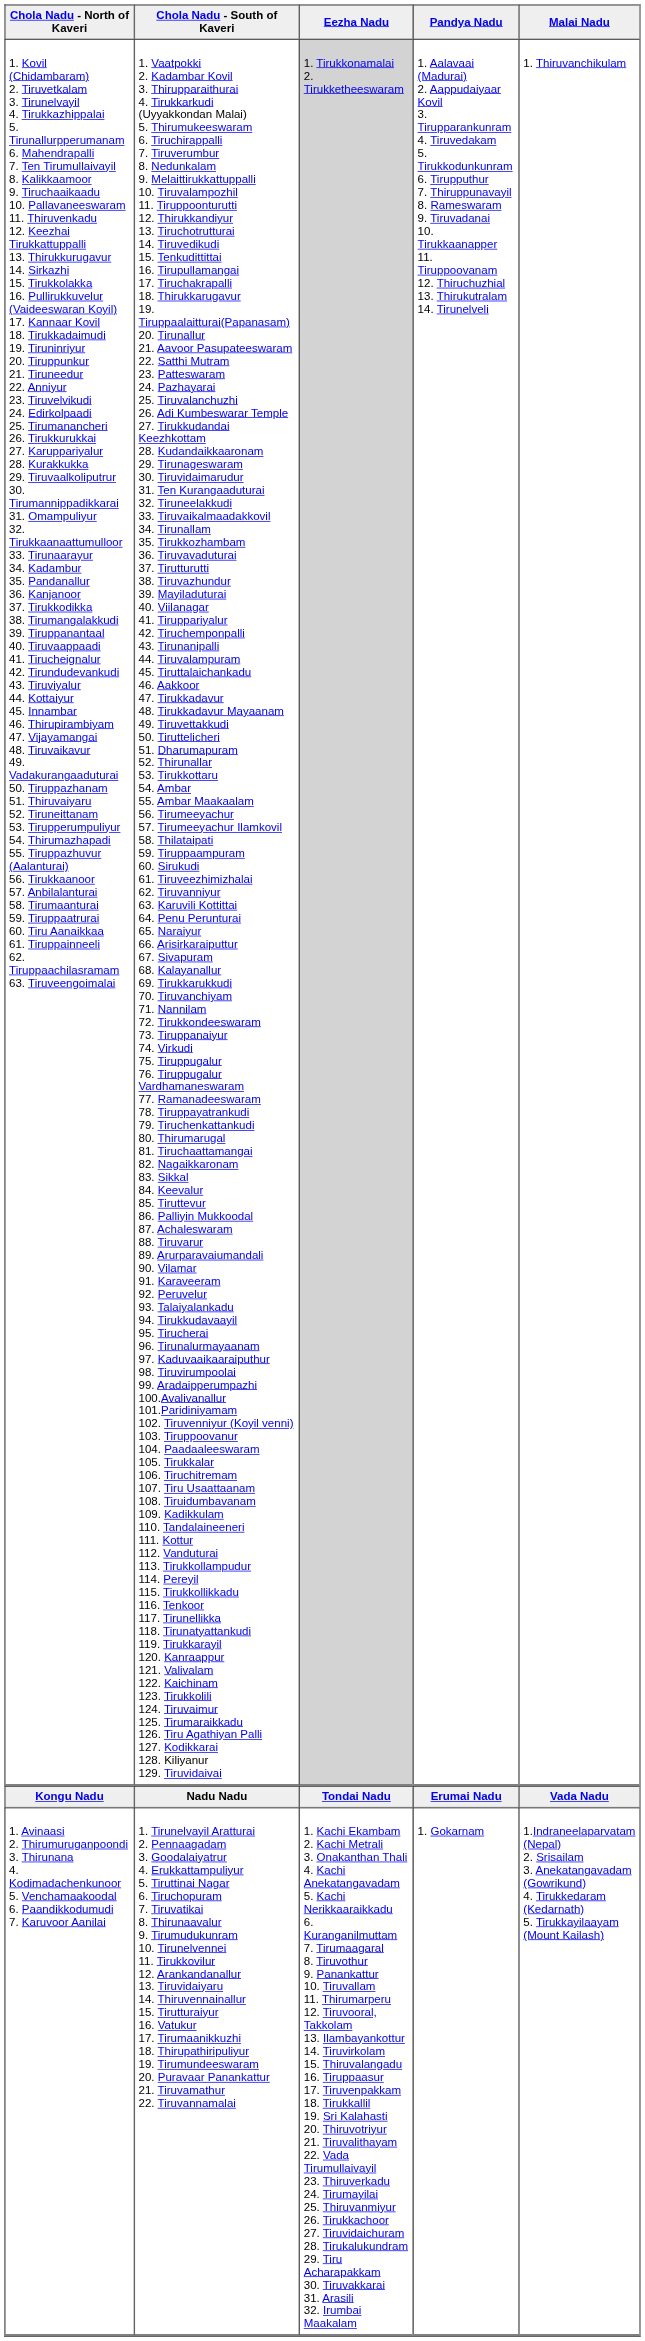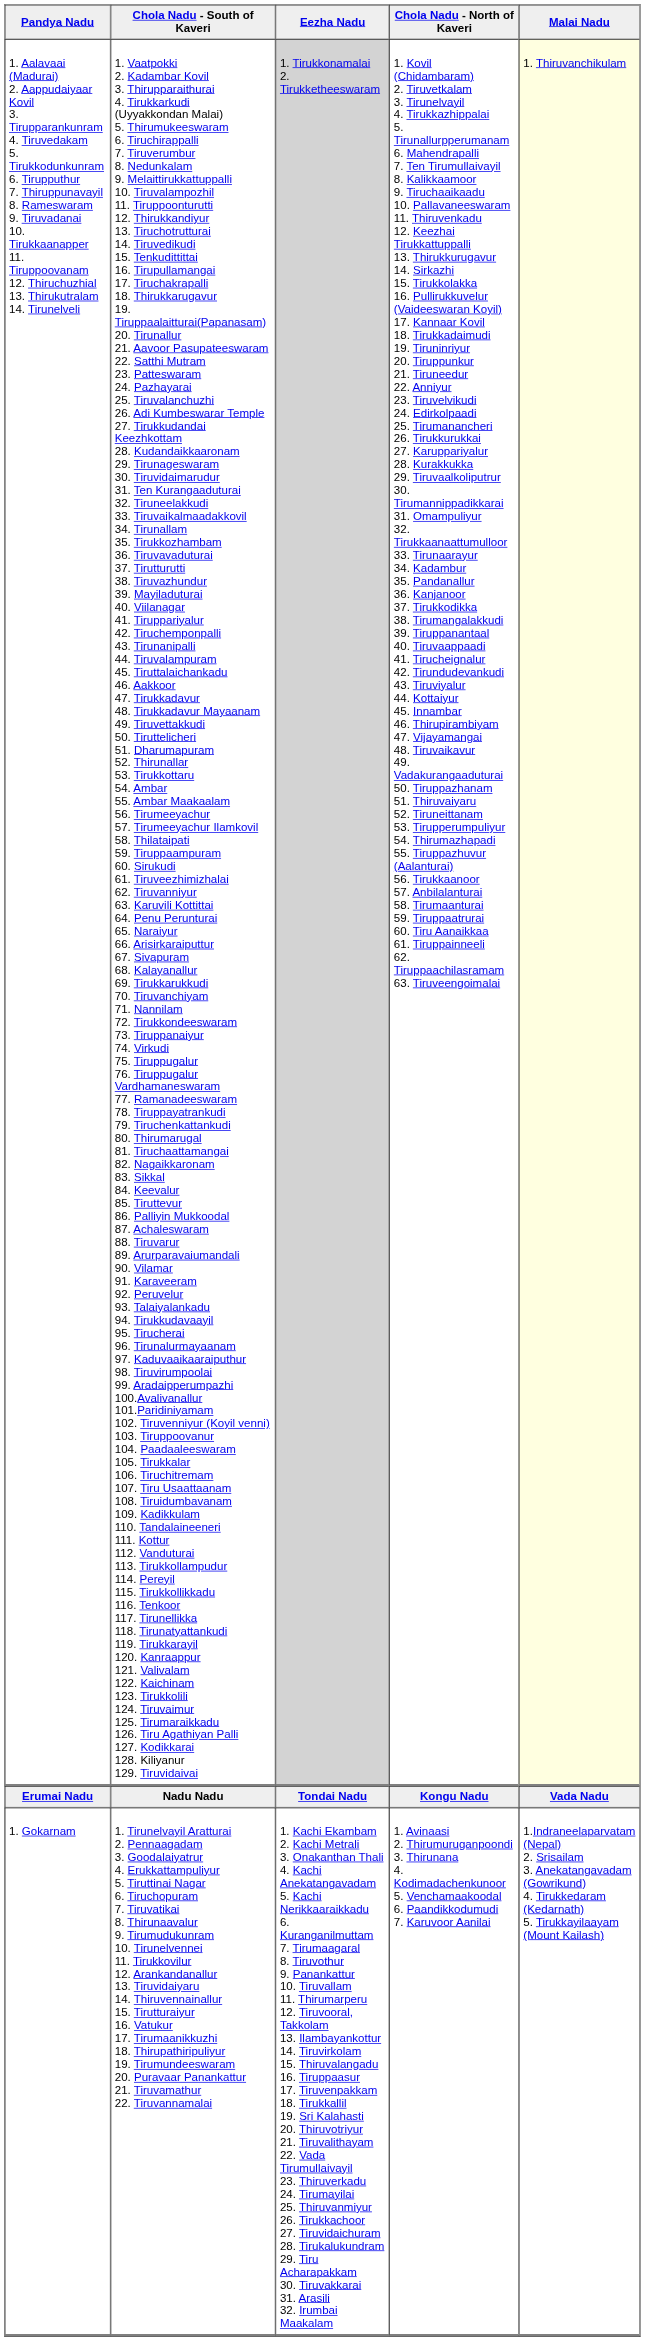 <table border="1" cellpadding="5" cellspacing="0" align="center">
 <tr>
-<th style="background:#efefef;"><a href='#'>Chola Nadu</a> - North of Kaveri</th>
+<th style="background:#efefef;"><a href='#'>Pandya Nadu</a></th>
 <th style="background:#efefef;"><a href='#'>Chola Nadu</a> - South of Kaveri</th>
 <th style="background:#efefef;"><a href='#'>Eezha Nadu</a></th>
-<th style="background:#efefef;"><a href='#'>Pandya Nadu</a></th>
+<th style="background:#efefef;"><a href='#'>Chola Nadu</a> - North of Kaveri</th>
 <th style="background:#efefef;"><a href='#'>Malai Nadu</a></th>
 </tr>
 <tr>
-<td style="border-bottom:3px solid grey;" valign="top"><br>1. <a href='#'>Kovil (Chidambaram)</a><br> 2. <a href='#'>Tiruvetkalam</a><br> 3. <a href='#'>Tirunelvayil</a><br> 4. <a href='#'>Tirukkazhippalai</a><br> 5. <a href='#'>Tirunallurpperumanam</a><br> 6. <a href='#'>Mahendrapalli</a><br> 7. <a href='#'>Ten Tirumullaivayil</a><br> 8. <a href='#'>Kalikkaamoor</a><br> 9. <a href='#'>Tiruchaaikaadu</a><br> 10. <a href='#'>Pallavaneeswaram</a><br> 11. <a href='#'>Thiruvenkadu</a><br> 12. <a href='#'>Keezhai Tirukkattuppalli</a><br> 13. <a href='#'>Thirukkurugavur</a><br> 14. <a href='#'>Sirkazhi</a><br> 15. <a href='#'>Tirukkolakka</a><br> 16. <a href='#'>Pullirukkuvelur<br>(Vaideeswaran Koyil)</a><br> 17. <a href='#'>Kannaar Kovil</a><br> 18. <a href='#'>Tirukkadaimudi</a><br> 19. <a href='#'>Tiruninriyur</a><br> 20. <a href='#'>Tiruppunkur</a><br> 21. <a href='#'>Tiruneedur</a><br> 22. <a href='#'>Anniyur</a><br> 23. <a href='#'>Tiruvelvikudi</a><br> 24. <a href='#'>Edirkolpaadi</a><br> 25. <a href='#'>Tirumanancheri</a><br> 26. <a href='#'>Tirukkurukkai</a><br> 27. <a href='#'>Karuppariyalur</a><br> 28. <a href='#'>Kurakkukka</a> <br> 29. <a href='#'>Tiruvaalkoliputrur</a><br> 30. <a href='#'>Tirumannippadikkarai</a><br> 31. <a href='#'>Omampuliyur</a><br> 32. <a href='#'>Tirukkaanaattumulloor</a><br> 33. <a href='#'>Tirunaarayur</a><br> 34. <a href='#'>Kadambur</a><br> 35. <a href='#'>Pandanallur</a><br> 36. <a href='#'>Kanjanoor</a><br> 37. <a href='#'>Tirukkodikka</a><br> 38. <a href='#'>Tirumangalakkudi</a><br> 39. <a href='#'>Tiruppanantaal</a><br> 40. <a href='#'>Tiruvaappaadi</a><br> 41. <a href='#'>Tirucheignalur</a><br> 42. <a href='#'>Tirundudevankudi</a><br> 43. <a href='#'>Tiruviyalur</a><br> 44. <a href='#'>Kottaiyur</a><br> 45. <a href='#'>Innambar</a><br> 46. <a href='#'>Thirupirambiyam</a><br> 47. <a href='#'>Vijayamangai</a><br> 48. <a href='#'>Tiruvaikavur</a><br> 49. <a href='#'>Vadakurangaaduturai</a><br> 50. <a href='#'>Tiruppazhanam</a><br> 51. <a href='#'>Thiruvaiyaru</a><br> 52. <a href='#'>Tiruneittanam</a><br> 53. <a href='#'>Tirupperumpuliyur</a><br> 54. <a href='#'>Thirumazhapadi</a><br> 55. <a href='#'>Tiruppazhuvur (Aalanturai)</a><br> 56. <a href='#'>Tirukkaanoor</a><br> 57. <a href='#'>Anbilalanturai</a><br> 58. <a href='#'>Tirumaanturai</a><br> 59. <a href='#'>Tiruppaatrurai</a><br> 60. <a href='#'>Tiru Aanaikkaa</a><br> 61. <a href='#'>Tiruppainneeli</a><br> 62. <a href='#'>Tiruppaachilasramam</a><br> 63. <a href='#'>Tiruveengoimalai</a></td>
+<td style="border-bottom:3px solid grey;" valign="top"><br>1. <a href='#'>Aalavaai (Madurai)</a><br> 2. <a href='#'>Aappudaiyaar Kovil</a><br> 3. <a href='#'>Tirupparankunram</a><br> 4. <a href='#'>Tiruvedakam</a><br> 5. <a href='#'>Tirukkodunkunram</a><br> 6. <a href='#'>Tirupputhur</a><br> 7. <a href='#'>Thiruppunavayil</a><br> 8. <a href='#'>Rameswaram</a><br> 9. <a href='#'>Tiruvadanai</a><br> 10. <a href='#'>Tirukkaanapper</a><br> 11. <a href='#'>Tiruppoovanam</a><br> 12. <a href='#'>Thiruchuzhial</a><br> 13. <a href='#'>Thirukutralam</a><br> 14. <a href='#'>Tirunelveli</a></td>
 <td style="border-bottom:3px solid grey;" valign="top"><br>1. <a href='#'>Vaatpokki</a><br> 2. <a href='#'>Kadambar Kovil</a><br> 3. <a href='#'>Thirupparaithurai</a><br> 4. <a href='#'>Tirukkarkudi</a><br>(Uyyakkondan Malai)<br> 5. <a href='#'>Thirumukeeswaram</a><br> 6. <a href='#'>Tiruchirappalli</a><br> 7. <a href='#'>Tiruverumbur</a><br> 8. <a href='#'>Nedunkalam</a><br> 9. <a href='#'>Melaittirukkattuppalli</a><br> 10. <a href='#'>Tiruvalampozhil</a><br> 11. <a href='#'>Tiruppoonturutti</a><br> 12. <a href='#'>Thirukkandiyur</a><br> 13. <a href='#'>Tiruchotrutturai</a><br> 14. <a href='#'>Tiruvedikudi</a><br> 15. <a href='#'>Tenkudittittai</a><br> 16. <a href='#'>Tirupullamangai</a><br> 17. <a href='#'>Tiruchakrapalli</a><br> 18. <a href='#'>Thirukkarugavur</a><br> 19. <a href='#'>Tiruppaalaitturai(Papanasam)</a><br> 20. <a href='#'>Tirunallur</a><br> 21. <a href='#'>Aavoor Pasupateeswaram</a><br> 22. <a href='#'>Satthi Mutram</a><br> 23. <a href='#'>Patteswaram</a><br> 24. <a href='#'>Pazhayarai</a><br> 25. <a href='#'>Tiruvalanchuzhi</a><br> 26. <a href='#'>Adi Kumbeswarar Temple</a><br> 27. <a href='#'>Tirukkudandai Keezhkottam</a><br> 28. <a href='#'>Kudandaikkaaronam</a><br> 29. <a href='#'>Tirunageswaram</a><br> 30. <a href='#'>Tiruvidaimarudur</a><br> 31. <a href='#'>Ten Kurangaaduturai</a><br> 32. <a href='#'>Tiruneelakkudi</a> <br> 33. <a href='#'>Tiruvaikalmaadakkovil</a><br> 34. <a href='#'>Tirunallam</a><br> 35. <a href='#'>Tirukkozhambam</a><br> 36. <a href='#'>Tiruvavaduturai</a><br> 37. <a href='#'>Tirutturutti</a><br> 38. <a href='#'>Tiruvazhundur</a><br> 39. <a href='#'>Mayiladuturai</a><br> 40. <a href='#'>Viilanagar</a><br> 41. <a href='#'>Tiruppariyalur</a><br> 42. <a href='#'>Tiruchemponpalli</a><br> 43. <a href='#'>Tirunanipalli</a><br> 44. <a href='#'>Tiruvalampuram</a><br> 45. <a href='#'>Tiruttalaichankadu</a><br> 46. <a href='#'>Aakkoor</a><br> 47. <a href='#'>Tirukkadavur</a><br> 48. <a href='#'>Tirukkadavur Mayaanam</a><br> 49. <a href='#'>Tiruvettakkudi</a><br> 50. <a href='#'>Tiruttelicheri</a><br> 51. <a href='#'>Dharumapuram</a><br> 52. <a href='#'>Thirunallar</a><br> 53. <a href='#'>Tirukkottaru</a><br> 54. <a href='#'>Ambar</a><br> 55. <a href='#'>Ambar Maakaalam</a><br> 56. <a href='#'>Tirumeeyachur</a><br> 57. <a href='#'>Tirumeeyachur Ilamkovil</a><br> 58. <a href='#'>Thilataipati</a><br> 59. <a href='#'>Tiruppaampuram</a><br> 60. <a href='#'>Sirukudi</a><br> 61. <a href='#'>Tiruveezhimizhalai</a><br> 62. <a href='#'>Tiruvanniyur</a><br> 63. <a href='#'>Karuvili Kottittai</a><br> 64. <a href='#'>Penu Perunturai</a><br> 65. <a href='#'>Naraiyur</a><br> 66. <a href='#'>Arisirkaraiputtur</a><br> 67. <a href='#'>Sivapuram</a><br> 68. <a href='#'>Kalayanallur</a><br> 69. <a href='#'>Tirukkarukkudi</a><br> 70. <a href='#'>Tiruvanchiyam</a><br> 71. <a href='#'>Nannilam</a><br> 72. <a href='#'>Tirukkondeeswaram</a><br> 73. <a href='#'>Tiruppanaiyur</a><br> 74. <a href='#'>Virkudi</a><br> 75. <a href='#'>Tiruppugalur</a><br> 76. <a href='#'>Tiruppugalur Vardhamaneswaram</a><br> 77. <a href='#'>Ramanadeeswaram</a><br> 78. <a href='#'>Tiruppayatrankudi</a><br> 79. <a href='#'>Tiruchenkattankudi</a><br> 80. <a href='#'>Thirumarugal</a><br> 81. <a href='#'>Tiruchaattamangai</a><br> 82. <a href='#'>Nagaikkaronam</a><br> 83. <a href='#'>Sikkal</a><br> 84. <a href='#'>Keevalur</a><br> 85. <a href='#'>Tiruttevur</a><br> 86. <a href='#'>Palliyin Mukkoodal</a><br> 87. <a href='#'>Achaleswaram</a><br> 88. <a href='#'>Tiruvarur</a><br> 89. <a href='#'>Arurparavaiumandali</a><br> 90. <a href='#'>Vilamar</a><br> 91. <a href='#'>Karaveeram</a><br> 92. <a href='#'>Peruvelur</a><br> 93. <a href='#'>Talaiyalankadu</a><br> 94. <a href='#'>Tirukkudavaayil</a><br> 95. <a href='#'>Tirucherai</a><br> 96. <a href='#'>Tirunalurmayaanam</a><br> 97. <a href='#'>Kaduvaaikaaraiputhur</a><br> 98. <a href='#'>Tiruvirumpoolai</a><br> 99. <a href='#'>Aradaipperumpazhi</a><br> 100.<a href='#'>Avalivanallur</a><br> 101.<a href='#'>Paridiniyamam</a><br> 102. <a href='#'>Tiruvenniyur (Koyil venni)</a><br> 103. <a href='#'>Tiruppoovanur</a><br> 104. <a href='#'>Paadaaleeswaram</a><br> 105. <a href='#'>Tirukkalar</a><br> 106. <a href='#'>Tiruchitremam</a><br> 107. <a href='#'>Tiru Usaattaanam</a><br> 108. <a href='#'>Tiruidumbavanam</a><br> 109. <a href='#'>Kadikkulam</a><br> 110. <a href='#'>Tandalaineeneri</a><br> 111. <a href='#'>Kottur</a><br> 112. <a href='#'>Vanduturai</a><br> 113. <a href='#'>Tirukkollampudur</a><br> 114. <a href='#'>Pereyil</a><br> 115. <a href='#'>Tirukkollikkadu</a><br> 116. <a href='#'>Tenkoor</a><br> 117. <a href='#'>Tirunellikka</a><br> 118. <a href='#'>Tirunatyattankudi</a><br> 119. <a href='#'>Tirukkarayil</a><br> 120. <a href='#'>Kanraappur</a><br> 121. <a href='#'>Valivalam</a><br> 122. <a href='#'>Kaichinam</a><br> 123. <a href='#'>Tirukkolili</a><br> 124. <a href='#'>Tiruvaimur</a><br> 125. <a href='#'>Tirumaraikkadu</a><br> 126. <a href='#'>Tiru Agathiyan Palli</a><br> 127. <a href='#'>Kodikkarai</a><br> 128. Kiliyanur<br> 129. <a href='#'>Tiruvidaivai</a></td>
 <td style="background: lightgrey; border-bottom:3px solid grey;" valign="top"><br>1. <a href='#'>Tirukkonamalai</a><br> 2. <a href='#'>Tirukketheeswaram</a><br></td>
-<td style="border-bottom:3px solid grey;" valign="top"><br>1. <a href='#'>Aalavaai (Madurai)</a><br> 2. <a href='#'>Aappudaiyaar Kovil</a><br> 3. <a href='#'>Tirupparankunram</a><br> 4. <a href='#'>Tiruvedakam</a><br> 5. <a href='#'>Tirukkodunkunram</a><br> 6. <a href='#'>Tirupputhur</a><br> 7. <a href='#'>Thiruppunavayil</a><br> 8. <a href='#'>Rameswaram</a><br> 9. <a href='#'>Tiruvadanai</a><br> 10. <a href='#'>Tirukkaanapper</a><br> 11. <a href='#'>Tiruppoovanam</a><br> 12. <a href='#'>Thiruchuzhial</a><br> 13. <a href='#'>Thirukutralam</a><br> 14. <a href='#'>Tirunelveli</a></td>
-<td style="border-bottom:3px solid grey;" valign="top"><br>1. <a href='#'>Thiruvanchikulam</a></td>
+<td style="border-bottom:3px solid grey;" valign="top"><br>1. <a href='#'>Kovil (Chidambaram)</a><br> 2. <a href='#'>Tiruvetkalam</a><br> 3. <a href='#'>Tirunelvayil</a><br> 4. <a href='#'>Tirukkazhippalai</a><br> 5. <a href='#'>Tirunallurpperumanam</a><br> 6. <a href='#'>Mahendrapalli</a><br> 7. <a href='#'>Ten Tirumullaivayil</a><br> 8. <a href='#'>Kalikkaamoor</a><br> 9. <a href='#'>Tiruchaaikaadu</a><br> 10. <a href='#'>Pallavaneeswaram</a><br> 11. <a href='#'>Thiruvenkadu</a><br> 12. <a href='#'>Keezhai Tirukkattuppalli</a><br> 13. <a href='#'>Thirukkurugavur</a><br> 14. <a href='#'>Sirkazhi</a><br> 15. <a href='#'>Tirukkolakka</a><br> 16. <a href='#'>Pullirukkuvelur<br>(Vaideeswaran Koyil)</a><br> 17. <a href='#'>Kannaar Kovil</a><br> 18. <a href='#'>Tirukkadaimudi</a><br> 19. <a href='#'>Tiruninriyur</a><br> 20. <a href='#'>Tiruppunkur</a><br> 21. <a href='#'>Tiruneedur</a><br> 22. <a href='#'>Anniyur</a><br> 23. <a href='#'>Tiruvelvikudi</a><br> 24. <a href='#'>Edirkolpaadi</a><br> 25. <a href='#'>Tirumanancheri</a><br> 26. <a href='#'>Tirukkurukkai</a><br> 27. <a href='#'>Karuppariyalur</a><br> 28. <a href='#'>Kurakkukka</a> <br> 29. <a href='#'>Tiruvaalkoliputrur</a><br> 30. <a href='#'>Tirumannippadikkarai</a><br> 31. <a href='#'>Omampuliyur</a><br> 32. <a href='#'>Tirukkaanaattumulloor</a><br> 33. <a href='#'>Tirunaarayur</a><br> 34. <a href='#'>Kadambur</a><br> 35. <a href='#'>Pandanallur</a><br> 36. <a href='#'>Kanjanoor</a><br> 37. <a href='#'>Tirukkodikka</a><br> 38. <a href='#'>Tirumangalakkudi</a><br> 39. <a href='#'>Tiruppanantaal</a><br> 40. <a href='#'>Tiruvaappaadi</a><br> 41. <a href='#'>Tirucheignalur</a><br> 42. <a href='#'>Tirundudevankudi</a><br> 43. <a href='#'>Tiruviyalur</a><br> 44. <a href='#'>Kottaiyur</a><br> 45. <a href='#'>Innambar</a><br> 46. <a href='#'>Thirupirambiyam</a><br> 47. <a href='#'>Vijayamangai</a><br> 48. <a href='#'>Tiruvaikavur</a><br> 49. <a href='#'>Vadakurangaaduturai</a><br> 50. <a href='#'>Tiruppazhanam</a><br> 51. <a href='#'>Thiruvaiyaru</a><br> 52. <a href='#'>Tiruneittanam</a><br> 53. <a href='#'>Tirupperumpuliyur</a><br> 54. <a href='#'>Thirumazhapadi</a><br> 55. <a href='#'>Tiruppazhuvur (Aalanturai)</a><br> 56. <a href='#'>Tirukkaanoor</a><br> 57. <a href='#'>Anbilalanturai</a><br> 58. <a href='#'>Tirumaanturai</a><br> 59. <a href='#'>Tiruppaatrurai</a><br> 60. <a href='#'>Tiru Aanaikkaa</a><br> 61. <a href='#'>Tiruppainneeli</a><br> 62. <a href='#'>Tiruppaachilasramam</a><br> 63. <a href='#'>Tiruveengoimalai</a></td>
+<td style="background: lightyellow; border-bottom:3px solid grey;" valign="top"><br>1. <a href='#'>Thiruvanchikulam</a></td>
 </tr>
 <tr>
-<th style="background:#efefef;"><a href='#'>Kongu Nadu</a></th>
+<th style="background:#efefef;"><a href='#'>Erumai Nadu</a></th>
 <th style="background:#efefef;">Nadu Nadu</th>
 <th style="background:#efefef;"><a href='#'>Tondai Nadu</a></th>
-<th style="background:#efefef;"><a href='#'>Erumai Nadu</a></th>
+<th style="background:#efefef;"><a href='#'>Kongu Nadu</a></th>
 <th style="background:#efefef;"><a href='#'>Vada Nadu</a></th>
 </tr>
 <tr>
-<td style="border-bottom:3px solid grey;" valign="top"><br>1. <a href='#'>Avinaasi</a><br> 2. <a href='#'>Thirumuruganpoondi</a><br> 3. <a href='#'>Thirunana</a><br> 4. <a href='#'>Kodimadachenkunoor</a> <br> 5. <a href='#'>Venchamaakoodal</a><br> 6. <a href='#'>Paandikkodumudi</a><br> 7. <a href='#'>Karuvoor Aanilai</a></td>
+<td style="border-bottom:3px solid grey;" valign="top"><br>1. <a href='#'>Gokarnam</a></td>
 <td style="border-bottom:3px solid grey;" valign="top"><br>1. <a href='#'>Tirunelvayil Aratturai</a><br> 2. <a href='#'>Pennaagadam</a><br> 3. <a href='#'>Goodalaiyatrur</a><br> 4. <a href='#'>Erukkattampuliyur</a><br> 5. <a href='#'>Tiruttinai Nagar</a><br> 6. <a href='#'>Tiruchopuram</a><br> 7. <a href='#'>Tiruvatikai</a><br> 8. <a href='#'>Thirunaavalur</a><br> 9. <a href='#'>Tirumudukunram</a><br> 10. <a href='#'>Tirunelvennei</a><br> 11. <a href='#'>Tirukkovilur</a><br> 12. <a href='#'>Arankandanallur</a><br> 13. <a href='#'>Tiruvidaiyaru</a><br> 14. <a href='#'>Thiruvennainallur</a><br> 15. <a href='#'>Tirutturaiyur</a><br> 16. <a href='#'>Vatukur</a><br> 17. <a href='#'>Tirumaanikkuzhi</a><br> 18. <a href='#'>Thirupathiripuliyur</a><br> 19. <a href='#'>Tirumundeeswaram</a><br> 20. <a href='#'>Puravaar Panankattur</a><br> 21. <a href='#'>Tiruvamathur</a><br> 22. <a href='#'>Tiruvannamalai</a><br></td>
 <td style="border-bottom:3px solid grey;" valign="top"><br>1. <a href='#'>Kachi Ekambam</a><br> 2. <a href='#'>Kachi Metrali</a><br> 3. <a href='#'>Onakanthan Thali</a><br> 4. <a href='#'>Kachi Anekatangavadam</a><br> 5. <a href='#'>Kachi Nerikkaaraikkadu</a><br> 6. <a href='#'>Kuranganilmuttam</a><br> 7. <a href='#'>Tirumaagaral</a><br> 8. <a href='#'>Tiruvothur</a><br> 9. <a href='#'>Panankattur</a><br> 10. <a href='#'>Tiruvallam</a><br> 11. <a href='#'>Thirumarperu</a><br> 12. <a href='#'>Tiruvooral, Takkolam</a><br> 13. <a href='#'>Ilambayankottur</a><br> 14. <a href='#'>Tiruvirkolam</a><br> 15. <a href='#'>Thiruvalangadu</a><br> 16. <a href='#'>Tiruppaasur</a><br> 17. <a href='#'>Tiruvenpakkam</a><br> 18. <a href='#'>Tirukkallil</a><br> 19. <a href='#'>Sri Kalahasti</a><br> 20. <a href='#'>Thiruvotriyur</a><br> 21. <a href='#'>Tiruvalithayam</a><br> 22. <a href='#'>Vada Tirumullaivayil</a><br> 23. <a href='#'>Thiruverkadu</a><br> 24. <a href='#'>Tirumayilai</a><br> 25. <a href='#'>Thiruvanmiyur</a><br> 26. <a href='#'>Tirukkachoor</a><br> 27. <a href='#'>Tiruvidaichuram</a><br> 28. <a href='#'>Tirukalukundram</a><br> 29. <a href='#'>Tiru Acharapakkam</a><br> 30. <a href='#'>Tiruvakkarai</a><br> 31. <a href='#'>Arasili</a><br> 32. <a href='#'>Irumbai Maakalam</a></td>
-<td style="border-bottom:3px solid grey;" valign="top"><br>1. <a href='#'>Gokarnam</a></td>
+<td style="border-bottom:3px solid grey;" valign="top"><br>1. <a href='#'>Avinaasi</a><br> 2. <a href='#'>Thirumuruganpoondi</a><br> 3. <a href='#'>Thirunana</a><br> 4. <a href='#'>Kodimadachenkunoor</a> <br> 5. <a href='#'>Venchamaakoodal</a><br> 6. <a href='#'>Paandikkodumudi</a><br> 7. <a href='#'>Karuvoor Aanilai</a></td>
 <td style="border-bottom:3px solid grey;" valign="top"><br>1.<a href='#'>Indraneelaparvatam<br>(Nepal)</a><br> 2. <a href='#'>Srisailam</a><br> 3. <a href='#'>Anekatangavadam<br>(Gowrikund)</a><br> 4. <a href='#'>Tirukkedaram<br>(Kedarnath)</a><br> 5. <a href='#'>Tirukkayilaayam<br>(Mount Kailash)</a><br></td>
 </tr>
 </table>
